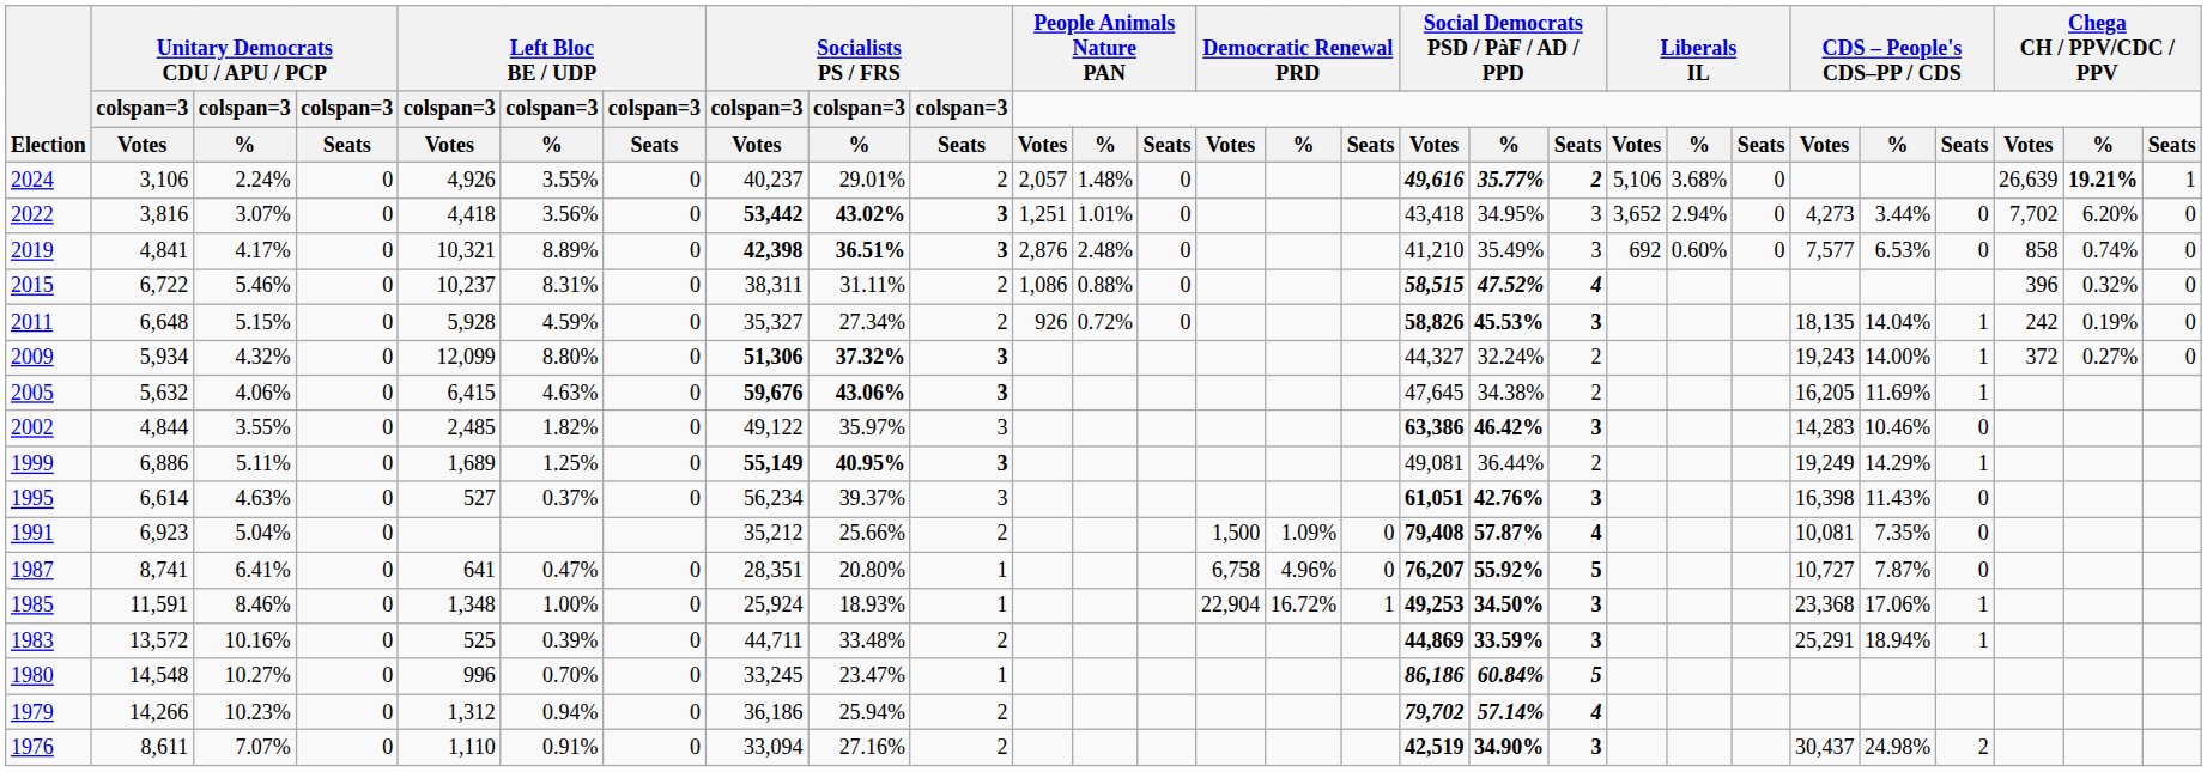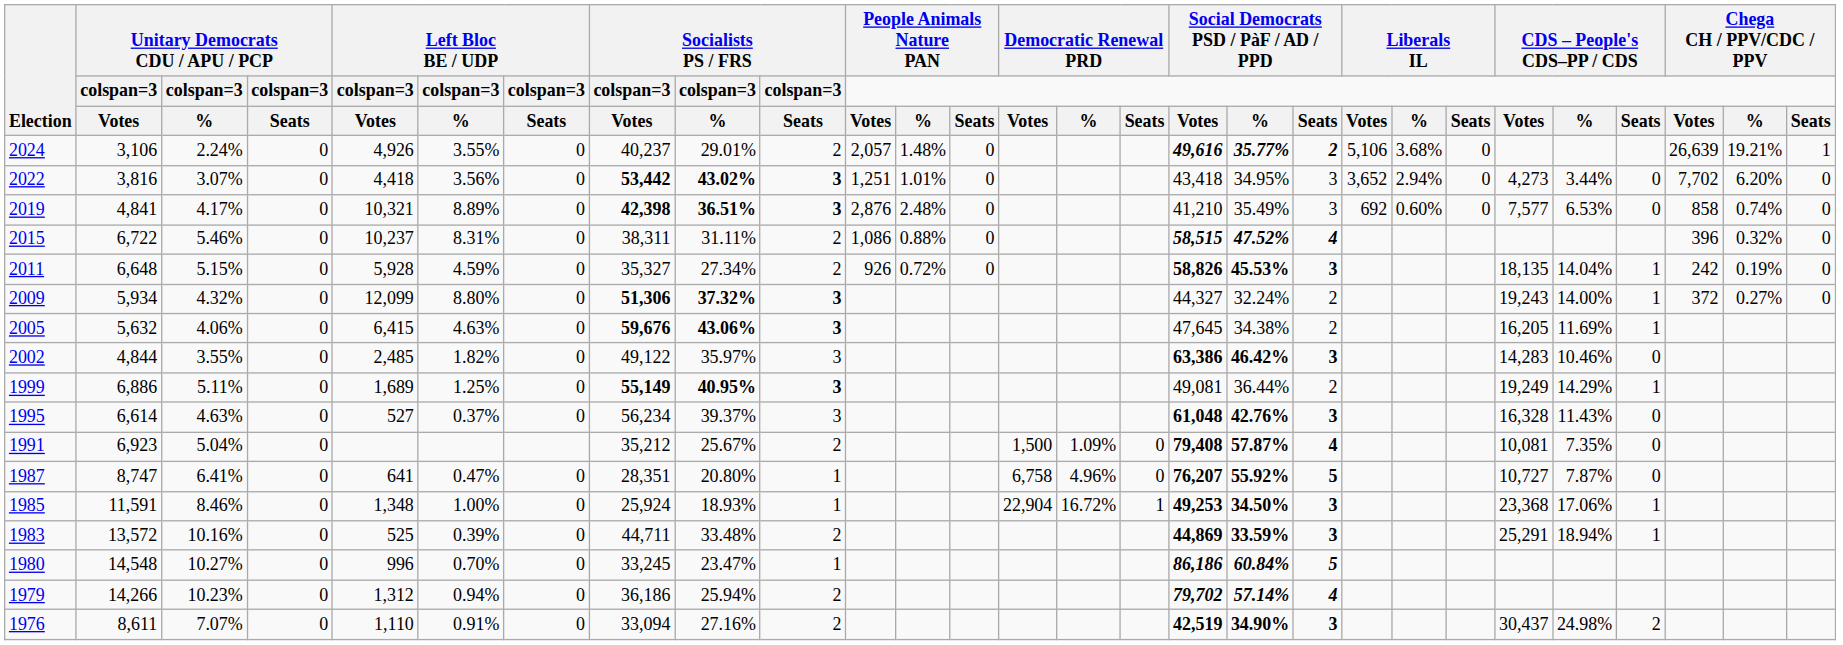 <table class="wikitable" border="1" style="font-size:85%; text-align:right;">
 <tr>
 <th style="text-align:left;" valign=bottom rowspan=3>Election</th>
 <th valign=bottom colspan=3><a href='#'>Unitary Democrats</a><br>CDU / APU / PCP</th>
 <th valign=bottom colspan=3><a href='#'>Left Bloc</a><br>BE / UDP</th>
 <th valign=bottom colspan=3><a href='#'>Socialists</a><br>PS / FRS</th>
 <th valign=bottom colspan=3><a href='#'>People Animals Nature</a><br>PAN</th>
 <th valign=bottom colspan=3><a href='#'>Democratic Renewal</a><br>PRD</th>
 <th valign=bottom colspan=3><a href='#'>Social Democrats</a><br>PSD / PàF / AD / PPD</th>
 <th valign=bottom colspan=3><a href='#'>Liberals</a><br>IL</th>
 <th valign=bottom colspan=3><a href='#'>CDS – People's</a><br>CDS–PP / CDS</th>
 <th valign=bottom colspan=3><a href='#'>Chega</a><br>CH / PPV/CDC / PPV</th>
 </tr>
 <tr>
 <th>colspan=3 </th>
 <th>colspan=3 </th>
 <th>colspan=3 </th>
 <th>colspan=3 </th>
 <th>colspan=3 </th>
 <th>colspan=3 </th>
 <th>colspan=3 </th>
 <th>colspan=3 </th>
 <th>colspan=3 </th>
 </tr>
 <tr>
 <th>Votes</th>
 <th>%</th>
 <th>Seats</th>
 <th>Votes</th>
 <th>%</th>
 <th>Seats</th>
 <th>Votes</th>
 <th>%</th>
 <th>Seats</th>
 <th>Votes</th>
 <th>%</th>
 <th>Seats</th>
 <th>Votes</th>
 <th>%</th>
 <th>Seats</th>
 <th>Votes</th>
 <th>%</th>
 <th>Seats</th>
 <th>Votes</th>
 <th>%</th>
 <th>Seats</th>
 <th>Votes</th>
 <th>%</th>
 <th>Seats</th>
 <th>Votes</th>
 <th>%</th>
 <th>Seats</th>
 </tr>
 <tr>
 <td align=left><a href='#'>2024</a></td>
 <td>3,106</td>
 <td>2.24%</td>
 <td>0</td>
 <td>4,926</td>
 <td>3.55%</td>
 <td>0</td>
 <td>40,237</td>
 <td>29.01%</td>
 <td>2</td>
 <td>2,057</td>
 <td>1.48%</td>
 <td>0</td>
 <td></td>
 <td></td>
 <td></td>
 <td><strong><em>49,616</em></strong></td>
 <td><strong><em>35.77%</em></strong></td>
 <td><strong><em>2</em></strong></td>
 <td>5,106</td>
 <td>3.68%</td>
 <td>0</td>
 <td></td>
 <td></td>
 <td></td>
 <td>26,639</td>
-<td><strong>19.21%</strong></td>
+<td>19.21%</td>
 <td>1</td>
 </tr>
 <tr>
 <td align=left><a href='#'>2022</a></td>
 <td>3,816</td>
 <td>3.07%</td>
 <td>0</td>
 <td>4,418</td>
 <td>3.56%</td>
 <td>0</td>
 <td><strong>53,442</strong></td>
 <td><strong>43.02%</strong></td>
 <td><strong>3</strong></td>
 <td>1,251</td>
 <td>1.01%</td>
 <td>0</td>
 <td></td>
 <td></td>
 <td></td>
 <td>43,418</td>
 <td>34.95%</td>
 <td>3</td>
 <td>3,652</td>
 <td>2.94%</td>
 <td>0</td>
 <td>4,273</td>
 <td>3.44%</td>
 <td>0</td>
 <td>7,702</td>
 <td>6.20%</td>
 <td>0</td>
 </tr>
 <tr>
 <td align=left><a href='#'>2019</a></td>
 <td>4,841</td>
 <td>4.17%</td>
 <td>0</td>
 <td>10,321</td>
 <td>8.89%</td>
 <td>0</td>
 <td><strong>42,398</strong></td>
 <td><strong>36.51%</strong></td>
 <td><strong>3</strong></td>
 <td>2,876</td>
 <td>2.48%</td>
 <td>0</td>
 <td></td>
 <td></td>
 <td></td>
 <td>41,210</td>
 <td>35.49%</td>
 <td>3</td>
 <td>692</td>
 <td>0.60%</td>
 <td>0</td>
 <td>7,577</td>
 <td>6.53%</td>
 <td>0</td>
 <td>858</td>
 <td>0.74%</td>
 <td>0</td>
 </tr>
 <tr>
 <td align=left><a href='#'>2015</a></td>
 <td>6,722</td>
 <td>5.46%</td>
 <td>0</td>
 <td>10,237</td>
 <td>8.31%</td>
 <td>0</td>
 <td>38,311</td>
 <td>31.11%</td>
 <td>2</td>
 <td>1,086</td>
 <td>0.88%</td>
 <td>0</td>
 <td></td>
 <td></td>
 <td></td>
 <td><strong><em>58,515</em></strong></td>
 <td><strong><em>47.52%</em></strong></td>
 <td><strong><em>4</em></strong></td>
 <td></td>
 <td></td>
 <td></td>
 <td></td>
 <td></td>
 <td></td>
 <td>396</td>
 <td>0.32%</td>
 <td>0</td>
 </tr>
 <tr>
 <td align=left><a href='#'>2011</a></td>
 <td>6,648</td>
 <td>5.15%</td>
 <td>0</td>
 <td>5,928</td>
 <td>4.59%</td>
 <td>0</td>
 <td>35,327</td>
 <td>27.34%</td>
 <td>2</td>
 <td>926</td>
 <td>0.72%</td>
 <td>0</td>
 <td></td>
 <td></td>
 <td></td>
 <td><strong>58,826</strong></td>
 <td><strong>45.53%</strong></td>
 <td><strong>3</strong></td>
 <td></td>
 <td></td>
 <td></td>
 <td>18,135</td>
 <td>14.04%</td>
 <td>1</td>
 <td>242</td>
 <td>0.19%</td>
 <td>0</td>
 </tr>
 <tr>
 <td align=left><a href='#'>2009</a></td>
 <td>5,934</td>
 <td>4.32%</td>
 <td>0</td>
 <td>12,099</td>
 <td>8.80%</td>
 <td>0</td>
 <td><strong>51,306</strong></td>
 <td><strong>37.32%</strong></td>
 <td><strong>3</strong></td>
 <td></td>
 <td></td>
 <td></td>
 <td></td>
 <td></td>
 <td></td>
 <td>44,327</td>
 <td>32.24%</td>
 <td>2</td>
 <td></td>
 <td></td>
 <td></td>
 <td>19,243</td>
 <td>14.00%</td>
 <td>1</td>
 <td>372</td>
 <td>0.27%</td>
 <td>0</td>
 </tr>
 <tr>
 <td align=left><a href='#'>2005</a></td>
 <td>5,632</td>
 <td>4.06%</td>
 <td>0</td>
 <td>6,415</td>
 <td>4.63%</td>
 <td>0</td>
 <td><strong>59,676</strong></td>
 <td><strong>43.06%</strong></td>
 <td><strong>3</strong></td>
 <td></td>
 <td></td>
 <td></td>
 <td></td>
 <td></td>
 <td></td>
 <td>47,645</td>
 <td>34.38%</td>
 <td>2</td>
 <td></td>
 <td></td>
 <td></td>
 <td>16,205</td>
 <td>11.69%</td>
 <td>1</td>
 <td></td>
 <td></td>
 <td></td>
 </tr>
 <tr>
 <td align=left><a href='#'>2002</a></td>
 <td>4,844</td>
 <td>3.55%</td>
 <td>0</td>
 <td>2,485</td>
 <td>1.82%</td>
 <td>0</td>
 <td>49,122</td>
 <td>35.97%</td>
 <td>3</td>
 <td></td>
 <td></td>
 <td></td>
 <td></td>
 <td></td>
 <td></td>
 <td><strong>63,386</strong></td>
 <td><strong>46.42%</strong></td>
 <td><strong>3</strong></td>
 <td></td>
 <td></td>
 <td></td>
 <td>14,283</td>
 <td>10.46%</td>
 <td>0</td>
 <td></td>
 <td></td>
 <td></td>
 </tr>
 <tr>
 <td align=left><a href='#'>1999</a></td>
 <td>6,886</td>
 <td>5.11%</td>
 <td>0</td>
 <td>1,689</td>
 <td>1.25%</td>
 <td>0</td>
 <td><strong>55,149</strong></td>
 <td><strong>40.95%</strong></td>
 <td><strong>3</strong></td>
 <td></td>
 <td></td>
 <td></td>
 <td></td>
 <td></td>
 <td></td>
 <td>49,081</td>
 <td>36.44%</td>
 <td>2</td>
 <td></td>
 <td></td>
 <td></td>
 <td>19,249</td>
 <td>14.29%</td>
 <td>1</td>
 <td></td>
 <td></td>
 <td></td>
 </tr>
 <tr>
 <td align=left><a href='#'>1995</a></td>
 <td>6,614</td>
 <td>4.63%</td>
 <td>0</td>
 <td>527</td>
 <td>0.37%</td>
 <td>0</td>
 <td>56,234</td>
 <td>39.37%</td>
 <td>3</td>
 <td></td>
 <td></td>
 <td></td>
 <td></td>
 <td></td>
 <td></td>
-<td><strong>61,051</strong></td>
+<td><strong>61,048</strong></td>
 <td><strong>42.76%</strong></td>
 <td><strong>3</strong></td>
 <td></td>
 <td></td>
 <td></td>
-<td>16,398</td>
+<td>16,328</td>
 <td>11.43%</td>
 <td>0</td>
 <td></td>
 <td></td>
 <td></td>
 </tr>
 <tr>
 <td align=left><a href='#'>1991</a></td>
 <td>6,923</td>
 <td>5.04%</td>
 <td>0</td>
 <td></td>
 <td></td>
 <td></td>
 <td>35,212</td>
-<td>25.66%</td>
+<td>25.67%</td>
 <td>2</td>
 <td></td>
 <td></td>
 <td></td>
 <td>1,500</td>
 <td>1.09%</td>
 <td>0</td>
 <td><strong>79,408</strong></td>
 <td><strong>57.87%</strong></td>
 <td><strong>4</strong></td>
 <td></td>
 <td></td>
 <td></td>
 <td>10,081</td>
 <td>7.35%</td>
 <td>0</td>
 <td></td>
 <td></td>
 <td></td>
 </tr>
 <tr>
 <td align=left><a href='#'>1987</a></td>
-<td>8,741</td>
+<td>8,747</td>
 <td>6.41%</td>
 <td>0</td>
 <td>641</td>
 <td>0.47%</td>
 <td>0</td>
 <td>28,351</td>
 <td>20.80%</td>
 <td>1</td>
 <td></td>
 <td></td>
 <td></td>
 <td>6,758</td>
 <td>4.96%</td>
 <td>0</td>
 <td><strong>76,207</strong></td>
 <td><strong>55.92%</strong></td>
 <td><strong>5</strong></td>
 <td></td>
 <td></td>
 <td></td>
 <td>10,727</td>
 <td>7.87%</td>
 <td>0</td>
 <td></td>
 <td></td>
 <td></td>
 </tr>
 <tr>
 <td align=left><a href='#'>1985</a></td>
 <td>11,591</td>
 <td>8.46%</td>
 <td>0</td>
 <td>1,348</td>
 <td>1.00%</td>
 <td>0</td>
 <td>25,924</td>
 <td>18.93%</td>
 <td>1</td>
 <td></td>
 <td></td>
 <td></td>
 <td>22,904</td>
 <td>16.72%</td>
 <td>1</td>
 <td><strong>49,253</strong></td>
 <td><strong>34.50%</strong></td>
 <td><strong>3</strong></td>
 <td></td>
 <td></td>
 <td></td>
 <td>23,368</td>
 <td>17.06%</td>
 <td>1</td>
 <td></td>
 <td></td>
 <td></td>
 </tr>
 <tr>
 <td align=left><a href='#'>1983</a></td>
 <td>13,572</td>
 <td>10.16%</td>
 <td>0</td>
 <td>525</td>
 <td>0.39%</td>
 <td>0</td>
 <td>44,711</td>
 <td>33.48%</td>
 <td>2</td>
 <td></td>
 <td></td>
 <td></td>
 <td></td>
 <td></td>
 <td></td>
 <td><strong>44,869</strong></td>
 <td><strong>33.59%</strong></td>
 <td><strong>3</strong></td>
 <td></td>
 <td></td>
 <td></td>
 <td>25,291</td>
 <td>18.94%</td>
 <td>1</td>
 <td></td>
 <td></td>
 <td></td>
 </tr>
 <tr>
 <td align=left><a href='#'>1980</a></td>
 <td>14,548</td>
 <td>10.27%</td>
 <td>0</td>
 <td>996</td>
 <td>0.70%</td>
 <td>0</td>
 <td>33,245</td>
 <td>23.47%</td>
 <td>1</td>
 <td></td>
 <td></td>
 <td></td>
 <td></td>
 <td></td>
 <td></td>
 <td><strong><em>86,186</em></strong></td>
 <td><strong><em>60.84%</em></strong></td>
 <td><strong><em>5</em></strong></td>
 <td></td>
 <td></td>
 <td></td>
 <td></td>
 <td></td>
 <td></td>
 <td></td>
 <td></td>
 <td></td>
 </tr>
 <tr>
 <td align=left><a href='#'>1979</a></td>
 <td>14,266</td>
 <td>10.23%</td>
 <td>0</td>
 <td>1,312</td>
 <td>0.94%</td>
 <td>0</td>
 <td>36,186</td>
 <td>25.94%</td>
 <td>2</td>
 <td></td>
 <td></td>
 <td></td>
 <td></td>
 <td></td>
 <td></td>
 <td><strong><em>79,702</em></strong></td>
 <td><strong><em>57.14%</em></strong></td>
 <td><strong><em>4</em></strong></td>
 <td></td>
 <td></td>
 <td></td>
 <td></td>
 <td></td>
 <td></td>
 <td></td>
 <td></td>
 <td></td>
 </tr>
 <tr>
 <td align=left><a href='#'>1976</a></td>
 <td>8,611</td>
 <td>7.07%</td>
 <td>0</td>
 <td>1,110</td>
 <td>0.91%</td>
 <td>0</td>
 <td>33,094</td>
 <td>27.16%</td>
 <td>2</td>
 <td></td>
 <td></td>
 <td></td>
 <td></td>
 <td></td>
 <td></td>
 <td><strong>42,519</strong></td>
 <td><strong>34.90%</strong></td>
 <td><strong>3</strong></td>
 <td></td>
 <td></td>
 <td></td>
 <td>30,437</td>
 <td>24.98%</td>
 <td>2</td>
 <td></td>
 <td></td>
 <td></td>
 </tr>
 </table>
